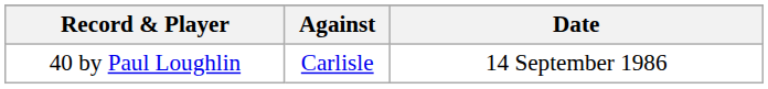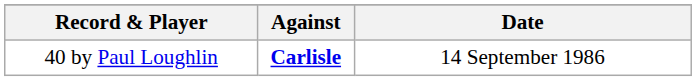 <table class="wikitable sortable" width="75%" style="font-size:90%">
 <tr bgcolor="#efefef">
 </tr>
 <tr bgcolor="#efefef">
 <th width=30%>Record & Player</th>
 <th width=10%>Against</th>
 <th width=40%>Date</th>
 </tr>
 <tr bgcolor=#FFFFFF>
 <td align=center>40 by  <a href='#'>Paul Loughlin</a></td>
-<td align=center><a href='#'>Carlisle</a></td>
+<td align=center><strong><a href='#'>Carlisle</a></strong></td>
 <td align=center>14 September 1986</td>
 </tr>
 </table>
